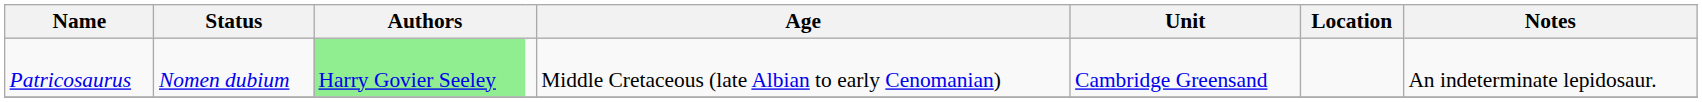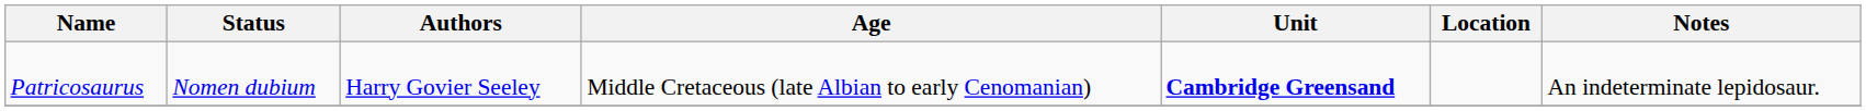 <table class="wikitable sortable" align="center" width="100%">
 <tr>
 <th>Name</th>
 <th>Status</th>
 <th colspan="2">Authors</th>
 <th>Age</th>
 <th>Unit</th>
 <th>Location</th>
 <th>Notes</th>
 </tr>
 <tr>
 <td><br><em><a href='#'>Patricosaurus</a></em></td>
 <td><br><em><a href='#'>Nomen dubium</a></em></td>
-<td style="background: lightgreen; border-right:0px" valign="top"><br><a href='#'>Harry Govier Seeley</a></td>
+<td style="border-right:0px" valign="top"><br><a href='#'>Harry Govier Seeley</a></td>
 <td style="border-left:0px" valign="top"></td>
 <td><br>Middle Cretaceous (late <a href='#'>Albian</a> to early <a href='#'>Cenomanian</a>)</td>
-<td><br><a href='#'>Cambridge Greensand</a></td>
+<td><strong><br><a href='#'>Cambridge Greensand</a></strong></td>
 <td><br></td>
 <td><br>An indeterminate lepidosaur.</td>
 </tr>
 <tr>
 </tr>
 </table>
